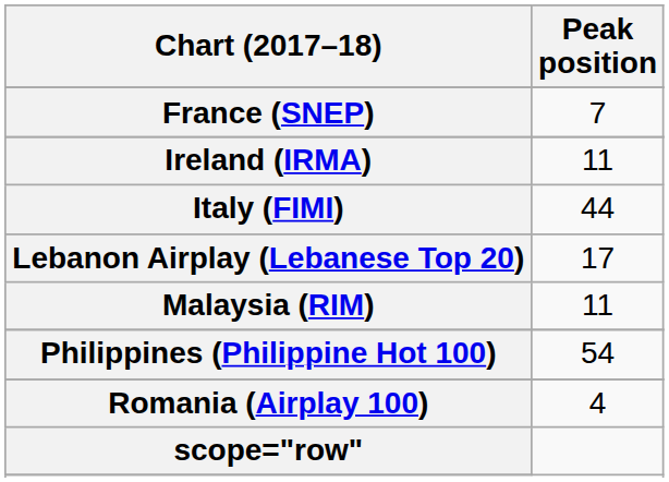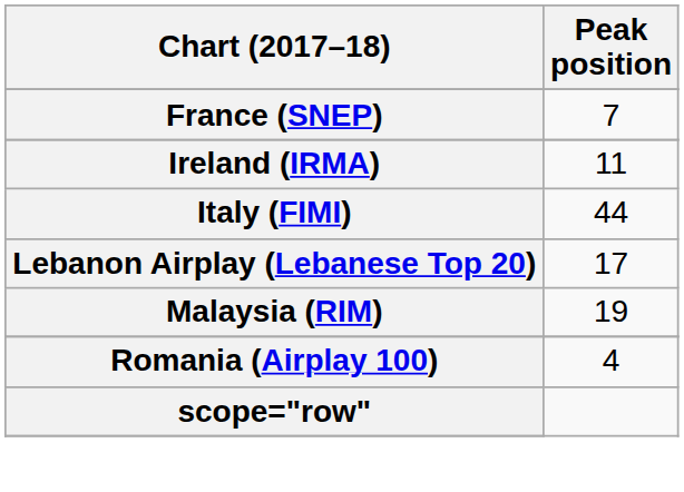 <table class="wikitable sortable plainrowheaders" style="text-align:center">
 <tr>
 <th scope="col">Chart (2017–18)</th>
 <th scope="col">Peak<br>position</th>
 </tr>
 <tr>
 </tr>
 <tr>
 </tr>
 <tr>
 </tr>
 <tr>
 </tr>
 <tr>
 </tr>
 <tr>
 </tr>
 <tr>
 </tr>
 <tr>
 </tr>
 <tr>
 </tr>
 <tr>
 </tr>
 <tr>
 </tr>
 <tr>
 <th scope="row">France (<a href='#'>SNEP</a>)</th>
 <td>7</td>
 </tr>
 <tr>
 </tr>
 <tr>
 </tr>
 <tr>
 <th scope="row">Ireland (<a href='#'>IRMA</a>)</th>
 <td>11</td>
 </tr>
 <tr>
 <th scope="row">Italy (<a href='#'>FIMI</a>)</th>
 <td>44</td>
 </tr>
 <tr>
 <th scope="row">Lebanon Airplay (<a href='#'>Lebanese Top 20</a>)</th>
 <td>17</td>
 </tr>
 <tr>
 <th scope="row">Malaysia (<a href='#'>RIM</a>)</th>
-<td>11</td>
+<td>19</td>
 </tr>
 <tr>
 </tr>
 <tr>
 </tr>
 <tr>
 </tr>
 <tr>
-</tr>
-<tr>
-<th scope="row">Philippines (<a href='#'>Philippine Hot 100</a>)</th>
-<td>54</td>
 </tr>
 <tr>
 </tr>
 <tr>
 </tr>
 <tr>
 <th scope="row">Romania (<a href='#'>Airplay 100</a>)</th>
 <td>4</td>
 </tr>
 <tr>
 <th>scope="row"</th>
 </tr>
 <tr>
 </tr>
 <tr>
 </tr>
 <tr>
 </tr>
 <tr>
 </tr>
 <tr>
 </tr>
 <tr>
 </tr>
 <tr>
 </tr>
 <tr>
 </tr>
 <tr>
 </tr>
 <tr>
 </tr>
 <tr>
 </tr>
 <tr>
 </tr>
 <tr>
 </tr>
 </table>
